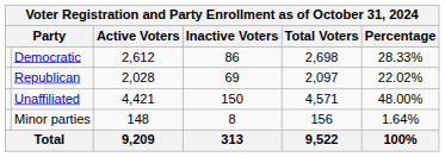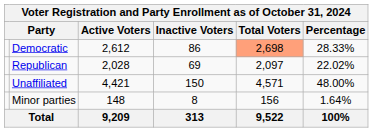 <table class=wikitable>
 <tr>
 <th colspan = 6>Voter Registration and Party Enrollment as of October 31, 2024</th>
 </tr>
 <tr>
 <th colspan = 2>Party</th>
 <th>Active Voters</th>
 <th>Inactive Voters</th>
 <th>Total Voters</th>
 <th>Percentage</th>
 </tr>
 <tr>
 <td></td>
 <td><a href='#'>Democratic</a></td>
 <td align = center>2,612</td>
 <td align = center>86</td>
-<td align = center>2,698</td>
+<td align = center style="background: lightsalmon;">2,698</td>
 <td align = center>28.33%</td>
 </tr>
 <tr>
 <td></td>
 <td><a href='#'>Republican</a></td>
 <td align = center>2,028</td>
 <td align = center>69</td>
 <td align = center>2,097</td>
 <td align = center>22.02%</td>
 </tr>
 <tr>
 <td></td>
 <td><a href='#'>Unaffiliated</a></td>
 <td align = center>4,421</td>
 <td align = center>150</td>
 <td align = center>4,571</td>
 <td align = center>48.00%</td>
 </tr>
 <tr>
 <td></td>
 <td>Minor parties</td>
 <td align = center>148</td>
 <td align = center>8</td>
 <td align = center>156</td>
 <td align = center>1.64%</td>
 </tr>
 <tr>
 <th colspan = 2>Total</th>
 <th align = center>9,209</th>
 <th align = center>313</th>
 <th align = center>9,522</th>
 <th align = center>100%</th>
 </tr>
 </table>
